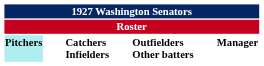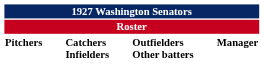 <table class="toccolours" style="font-size: 95%;">
 <tr>
 <th colspan="10" style="background-color: #072764; color: white; text-align: center;">1927 Washington Senators</th>
 </tr>
 <tr>
 <td colspan="10" style="background-color: #c6011f; color: white; text-align: center;"><strong>Roster</strong></td>
 </tr>
 <tr>
-<td valign="top" style="background: paleturquoise;"><strong>Pitchers</strong><br>               </td>
+<td valign="top"><strong>Pitchers</strong><br>               </td>
 <td width="25px"></td>
 <td valign="top"><strong>Catchers</strong><br>    <strong>Infielders</strong>           </td>
 <td width="25px"></td>
 <td valign="top"><strong>Outfielders</strong><br>         <strong>Other batters</strong> </td>
 <td width="25px"></td>
 <td valign="top"><strong>Manager</strong><br></td>
 </tr>
 <tr>
 </tr>
 </table>
